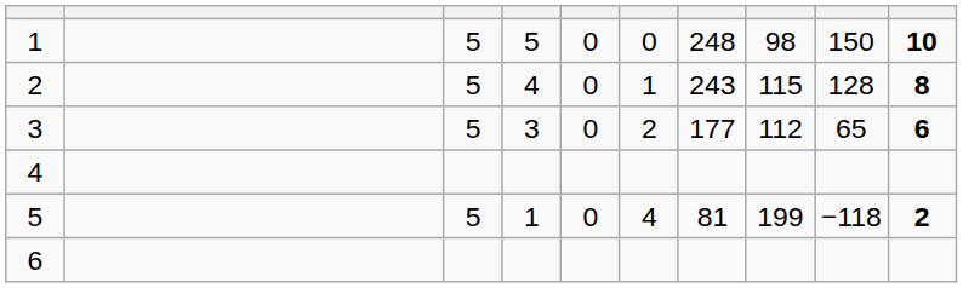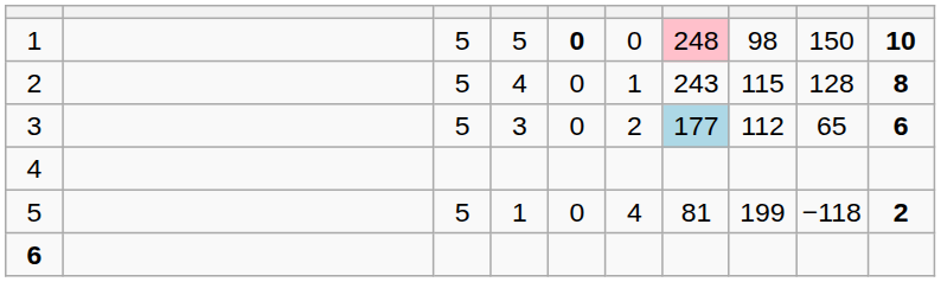 <table class="wikitable" style="text-align:center; font-size:95%">
 <tr>
 <th width="25"></th>
 <th width="200"></th>
 <th width="25"></th>
 <th width="25"></th>
 <th width="25"></th>
 <th width="25"></th>
 <th width="30"></th>
 <th width="30"></th>
 <th width="30"></th>
 <th width="30"></th>
 </tr>
 <tr>
 <td>1</td>
 <td style="text-align:left"></td>
 <td>5</td>
 <td>5</td>
+<td><strong>0</strong></td>
 <td>0</td>
-<td>0</td>
-<td>248</td>
+<td style="background: pink;">248</td>
 <td>98</td>
 <td>150</td>
 <td><strong>10</strong></td>
 </tr>
 <tr>
 <td>2</td>
 <td style="text-align:left"></td>
 <td>5</td>
 <td>4</td>
 <td>0</td>
 <td>1</td>
 <td>243</td>
 <td>115</td>
 <td>128</td>
 <td><strong>8</strong></td>
 </tr>
 <tr>
 <td>3</td>
 <td style="text-align:left"></td>
 <td>5</td>
 <td>3</td>
 <td>0</td>
 <td>2</td>
-<td>177</td>
+<td style="background: lightblue;">177</td>
 <td>112</td>
 <td>65</td>
 <td><strong>6</strong></td>
 </tr>
 <tr>
 <td>4</td>
 <td style="text-align:left"></td>
 <td></td>
 <td></td>
 <td></td>
 <td></td>
 <td></td>
 <td></td>
 <td></td>
 <td></td>
 </tr>
 <tr>
 <td>5</td>
 <td style="text-align:left"></td>
 <td>5</td>
 <td>1</td>
 <td>0</td>
 <td>4</td>
 <td>81</td>
 <td>199</td>
 <td>−118</td>
 <td><strong>2</strong></td>
 </tr>
 <tr>
-<td>6</td>
+<td><strong>6</strong></td>
 <td style="text-align:left"></td>
 <td></td>
 <td></td>
 <td></td>
 <td></td>
 <td></td>
 <td></td>
 <td></td>
 <td></td>
 </tr>
 </table>
